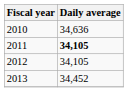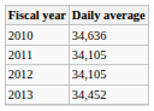 <table class="wikitable">
 <tr>
 <th>Fiscal year</th>
 <th>Daily average</th>
 </tr>
 <tr>
 <td>2010</td>
 <td>34,636</td>
 </tr>
 <tr>
 <td>2011</td>
-<td><strong>34,105</strong></td>
+<td>34,105</td>
 </tr>
 <tr>
 <td>2012</td>
 <td>34,105</td>
 </tr>
 <tr>
 <td>2013</td>
 <td>34,452</td>
 </tr>
 <tr>
 </tr>
 </table>
